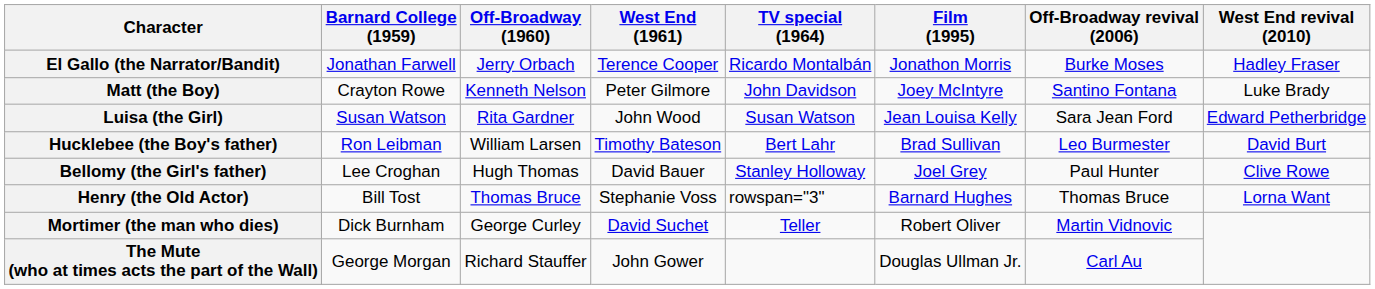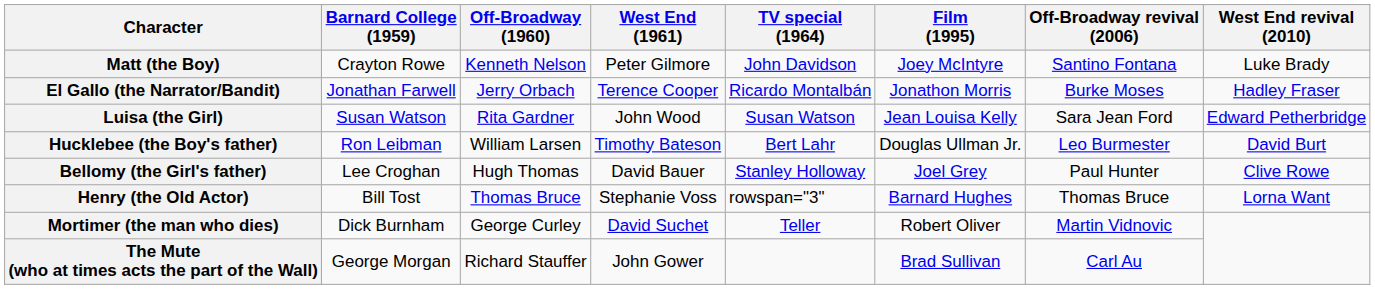 <table class="wikitable">
 <tr>
 <th>Character</th>
 <th><a href='#'>Barnard College</a><br>(1959)</th>
 <th><a href='#'>Off-Broadway</a><br>(1960)</th>
 <th><a href='#'>West End</a><br>(1961)</th>
 <th><a href='#'>TV special</a><br>(1964)</th>
 <th><a href='#'>Film</a><br>(1995)</th>
 <th>Off-Broadway revival<br>(2006)</th>
 <th>West End revival<br>(2010)</th>
 </tr>
 <tr>
+<th>Matt (the Boy)</th>
+<td style="text-align:center;">Crayton Rowe</td>
+<td style="text-align:center;"><a href='#'>Kenneth Nelson</a></td>
+<td style="text-align:center;">Peter Gilmore</td>
+<td style="text-align:center;"><a href='#'>John Davidson</a></td>
+<td style="text-align:center;"><a href='#'>Joey McIntyre</a></td>
+<td style="text-align:center;"><a href='#'>Santino Fontana</a></td>
+<td style="text-align:center;">Luke Brady</td>
+</tr>
+<tr>
 <th>El Gallo (the Narrator/Bandit)</th>
 <td style="text-align:center;"><a href='#'>Jonathan Farwell</a></td>
 <td style="text-align:center;"><a href='#'>Jerry Orbach</a></td>
 <td style="text-align:center;"><a href='#'>Terence Cooper</a></td>
 <td style="text-align:center;"><a href='#'>Ricardo Montalbán</a></td>
 <td style="text-align:center;"><a href='#'>Jonathon Morris</a></td>
 <td style="text-align:center;"><a href='#'>Burke Moses</a></td>
 <td style="text-align:center;"><a href='#'>Hadley Fraser</a></td>
-</tr>
-<tr>
-<th>Matt (the Boy)</th>
-<td style="text-align:center;">Crayton Rowe</td>
-<td style="text-align:center;"><a href='#'>Kenneth Nelson</a></td>
-<td style="text-align:center;">Peter Gilmore</td>
-<td style="text-align:center;"><a href='#'>John Davidson</a></td>
-<td style="text-align:center;"><a href='#'>Joey McIntyre</a></td>
-<td style="text-align:center;"><a href='#'>Santino Fontana</a></td>
-<td style="text-align:center;">Luke Brady</td>
 </tr>
 <tr>
 <th>Luisa (the Girl)</th>
 <td style="text-align:center;"><a href='#'>Susan Watson</a></td>
 <td style="text-align:center;"><a href='#'>Rita Gardner</a></td>
 <td style="text-align:center;">John Wood</td>
 <td style="text-align:center;"><a href='#'>Susan Watson</a></td>
 <td style="text-align:center;"><a href='#'>Jean Louisa Kelly</a></td>
 <td style="text-align:center;">Sara Jean Ford</td>
 <td style="text-align:center;"><a href='#'>Edward Petherbridge</a></td>
 </tr>
 <tr>
 <th>Hucklebee (the Boy's father)</th>
 <td style="text-align:center;"><a href='#'>Ron Leibman</a></td>
 <td style="text-align:center;">William Larsen</td>
 <td style="text-align:center;"><a href='#'>Timothy Bateson</a></td>
 <td style="text-align:center;"><a href='#'>Bert Lahr</a></td>
-<td style="text-align:center;"><a href='#'>Brad Sullivan</a></td>
+<td style="text-align:center;">Douglas Ullman Jr.</td>
 <td style="text-align:center;"><a href='#'>Leo Burmester</a></td>
 <td style="text-align:center;"><a href='#'>David Burt</a></td>
 </tr>
 <tr>
 <th>Bellomy (the Girl's father)</th>
 <td style="text-align:center;">Lee Croghan</td>
 <td style="text-align:center;">Hugh Thomas</td>
 <td style="text-align:center;">David Bauer</td>
 <td style="text-align:center;"><a href='#'>Stanley Holloway</a></td>
 <td style="text-align:center;"><a href='#'>Joel Grey</a></td>
 <td style="text-align:center;">Paul Hunter</td>
 <td style="text-align:center;"><a href='#'>Clive Rowe</a></td>
 </tr>
 <tr>
 <th>Henry (the Old Actor)</th>
 <td style="text-align:center;">Bill Tost</td>
 <td style="text-align:center;"><a href='#'>Thomas Bruce</a></td>
 <td style="text-align:center;">Stephanie Voss</td>
 <td>rowspan="3" </td>
 <td style="text-align:center;"><a href='#'>Barnard Hughes</a></td>
 <td style="text-align:center;">Thomas Bruce</td>
 <td style="text-align:center;"><a href='#'>Lorna Want</a></td>
 </tr>
 <tr>
 <th>Mortimer (the man who dies)</th>
 <td style="text-align:center;">Dick Burnham</td>
 <td style="text-align:center;">George Curley</td>
 <td style="text-align:center;"><a href='#'>David Suchet</a></td>
 <td style="text-align:center;"><a href='#'>Teller</a></td>
 <td style="text-align:center;">Robert Oliver</td>
 <td style="text-align:center;"><a href='#'>Martin Vidnovic</a></td>
 </tr>
 <tr>
 <th>The Mute<br>(who at times acts the part of the Wall)</th>
 <td style="text-align:center;">George Morgan</td>
 <td style="text-align:center;">Richard Stauffer</td>
 <td style="text-align:center;">John Gower</td>
 <td></td>
-<td style="text-align:center;">Douglas Ullman Jr.</td>
+<td style="text-align:center;"><a href='#'>Brad Sullivan</a></td>
 <td style="text-align:center;"><a href='#'>Carl Au</a></td>
 </tr>
 </table>
